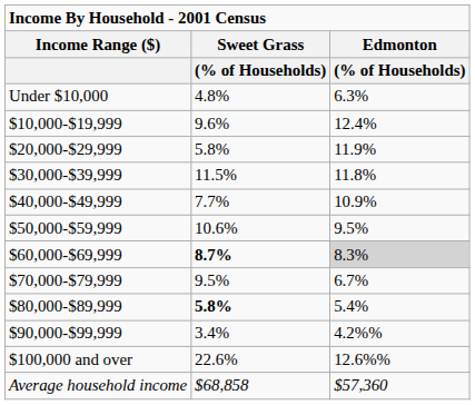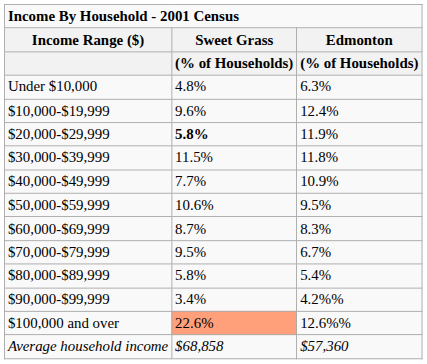 <table class="wikitable">
 <tr>
 <td colspan="3"><strong>Income By Household - 2001 Census</strong></td>
 </tr>
 <tr>
 <th>Income Range ($)</th>
 <th>Sweet Grass</th>
 <th>Edmonton</th>
 </tr>
 <tr>
 <th></th>
 <th>(% of Households)</th>
 <th>(% of Households)</th>
 </tr>
 <tr>
 <td>Under $10,000</td>
 <td>4.8%</td>
 <td>6.3%</td>
 </tr>
 <tr>
 <td>$10,000-$19,999</td>
 <td>9.6%</td>
 <td>12.4%</td>
 </tr>
 <tr>
 <td>$20,000-$29,999</td>
-<td>5.8%</td>
+<td><strong>5.8%</strong></td>
 <td>11.9%</td>
 </tr>
 <tr>
 <td>$30,000-$39,999</td>
 <td>11.5%</td>
 <td>11.8%</td>
 </tr>
 <tr>
 <td>$40,000-$49,999</td>
 <td>7.7%</td>
 <td>10.9%</td>
 </tr>
 <tr>
 <td>$50,000-$59,999</td>
 <td>10.6%</td>
 <td>9.5%</td>
 </tr>
 <tr>
 <td>$60,000-$69,999</td>
-<td><strong>8.7%</strong></td>
-<td style="background: lightgrey;">8.3%</td>
+<td>8.7%</td>
+<td>8.3%</td>
 </tr>
 <tr>
 <td>$70,000-$79,999</td>
 <td>9.5%</td>
 <td>6.7%</td>
 </tr>
 <tr>
 <td>$80,000-$89,999</td>
-<td><strong>5.8%</strong></td>
+<td>5.8%</td>
 <td>5.4%</td>
 </tr>
 <tr>
 <td>$90,000-$99,999</td>
 <td>3.4%</td>
 <td>4.2%%</td>
 </tr>
 <tr>
 <td>$100,000 and over</td>
-<td>22.6%</td>
+<td style="background: lightsalmon;">22.6%</td>
 <td>12.6%%</td>
 </tr>
 <tr>
 <td><em>Average household income</em></td>
 <td><em>$68,858</em></td>
 <td><em>$57,360</em></td>
 </tr>
 </table>
